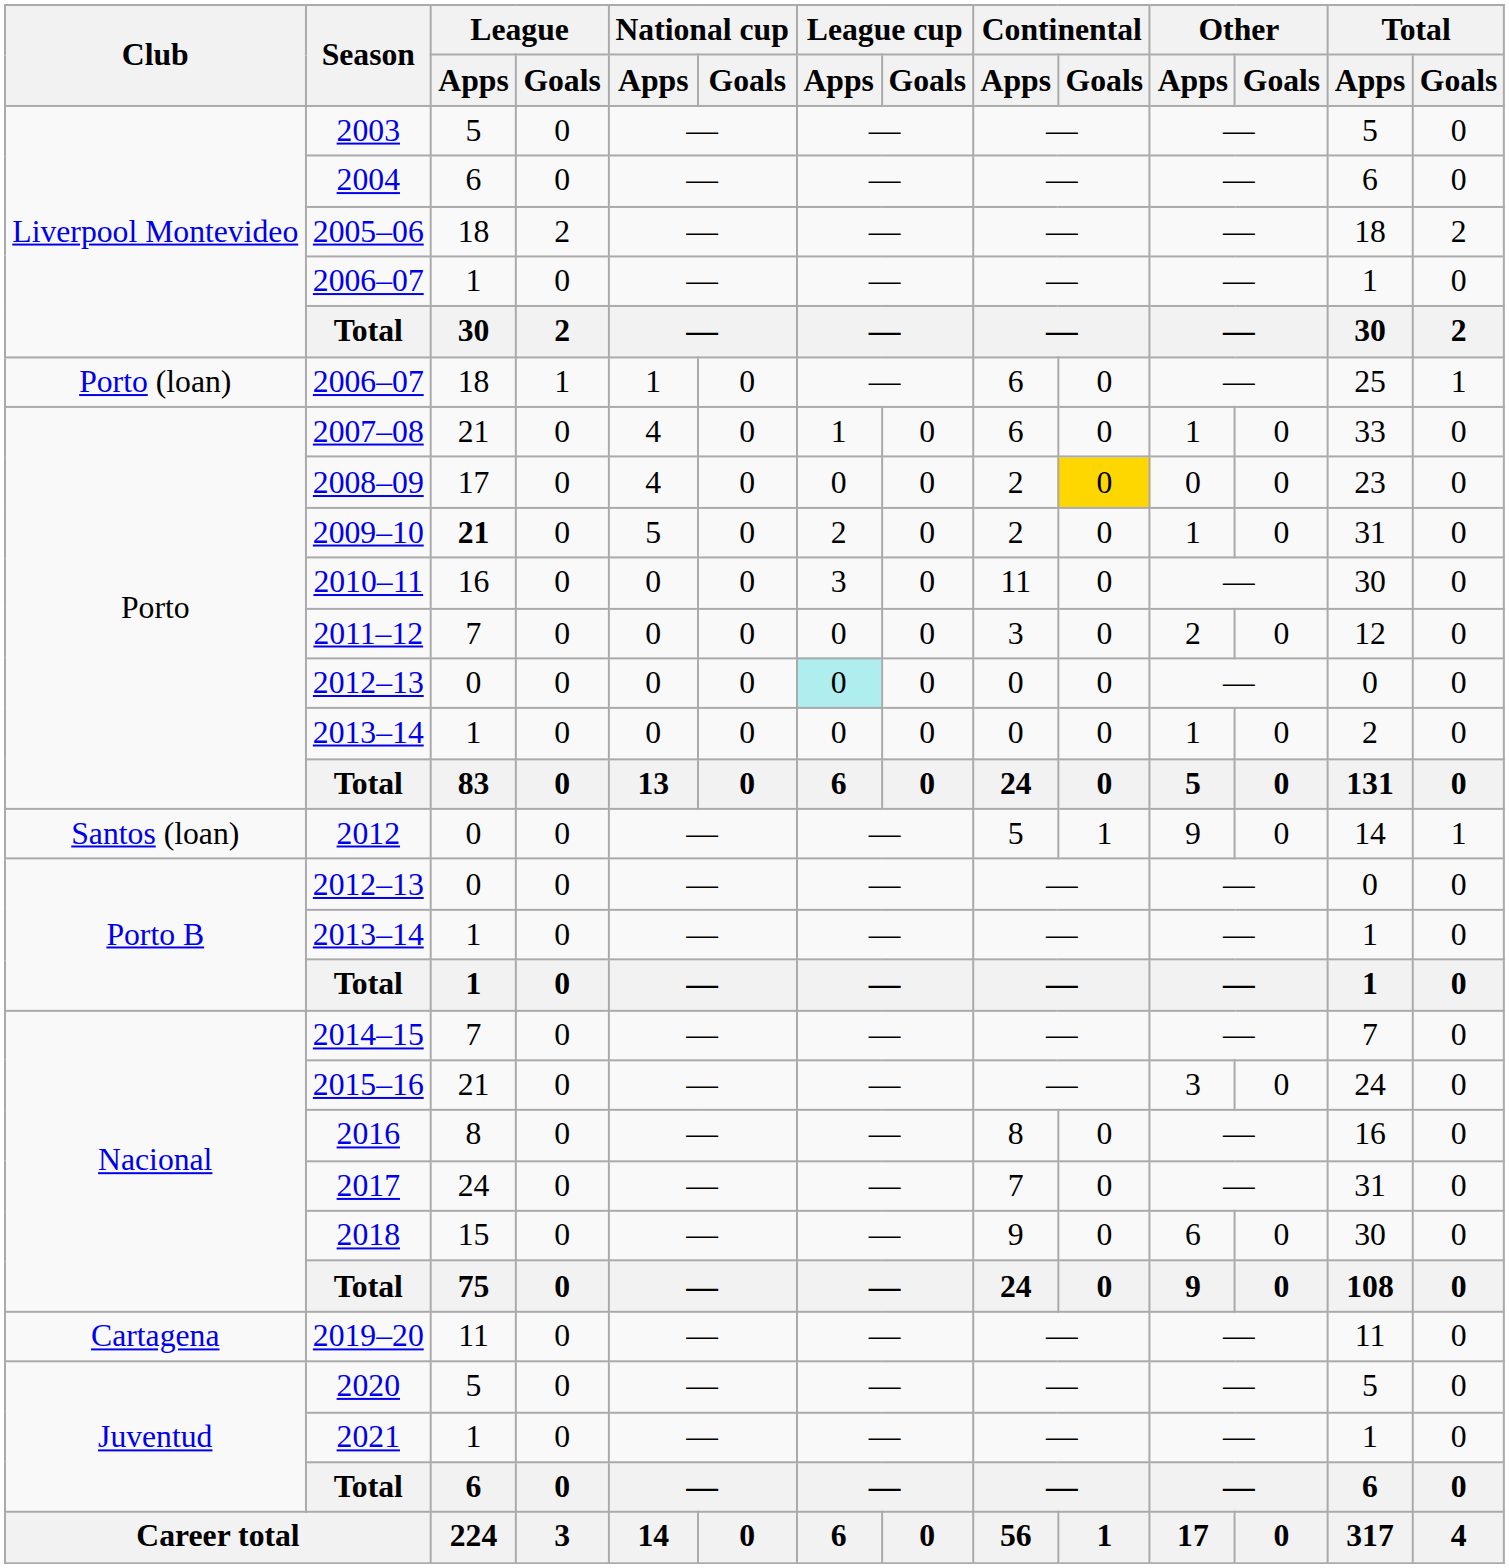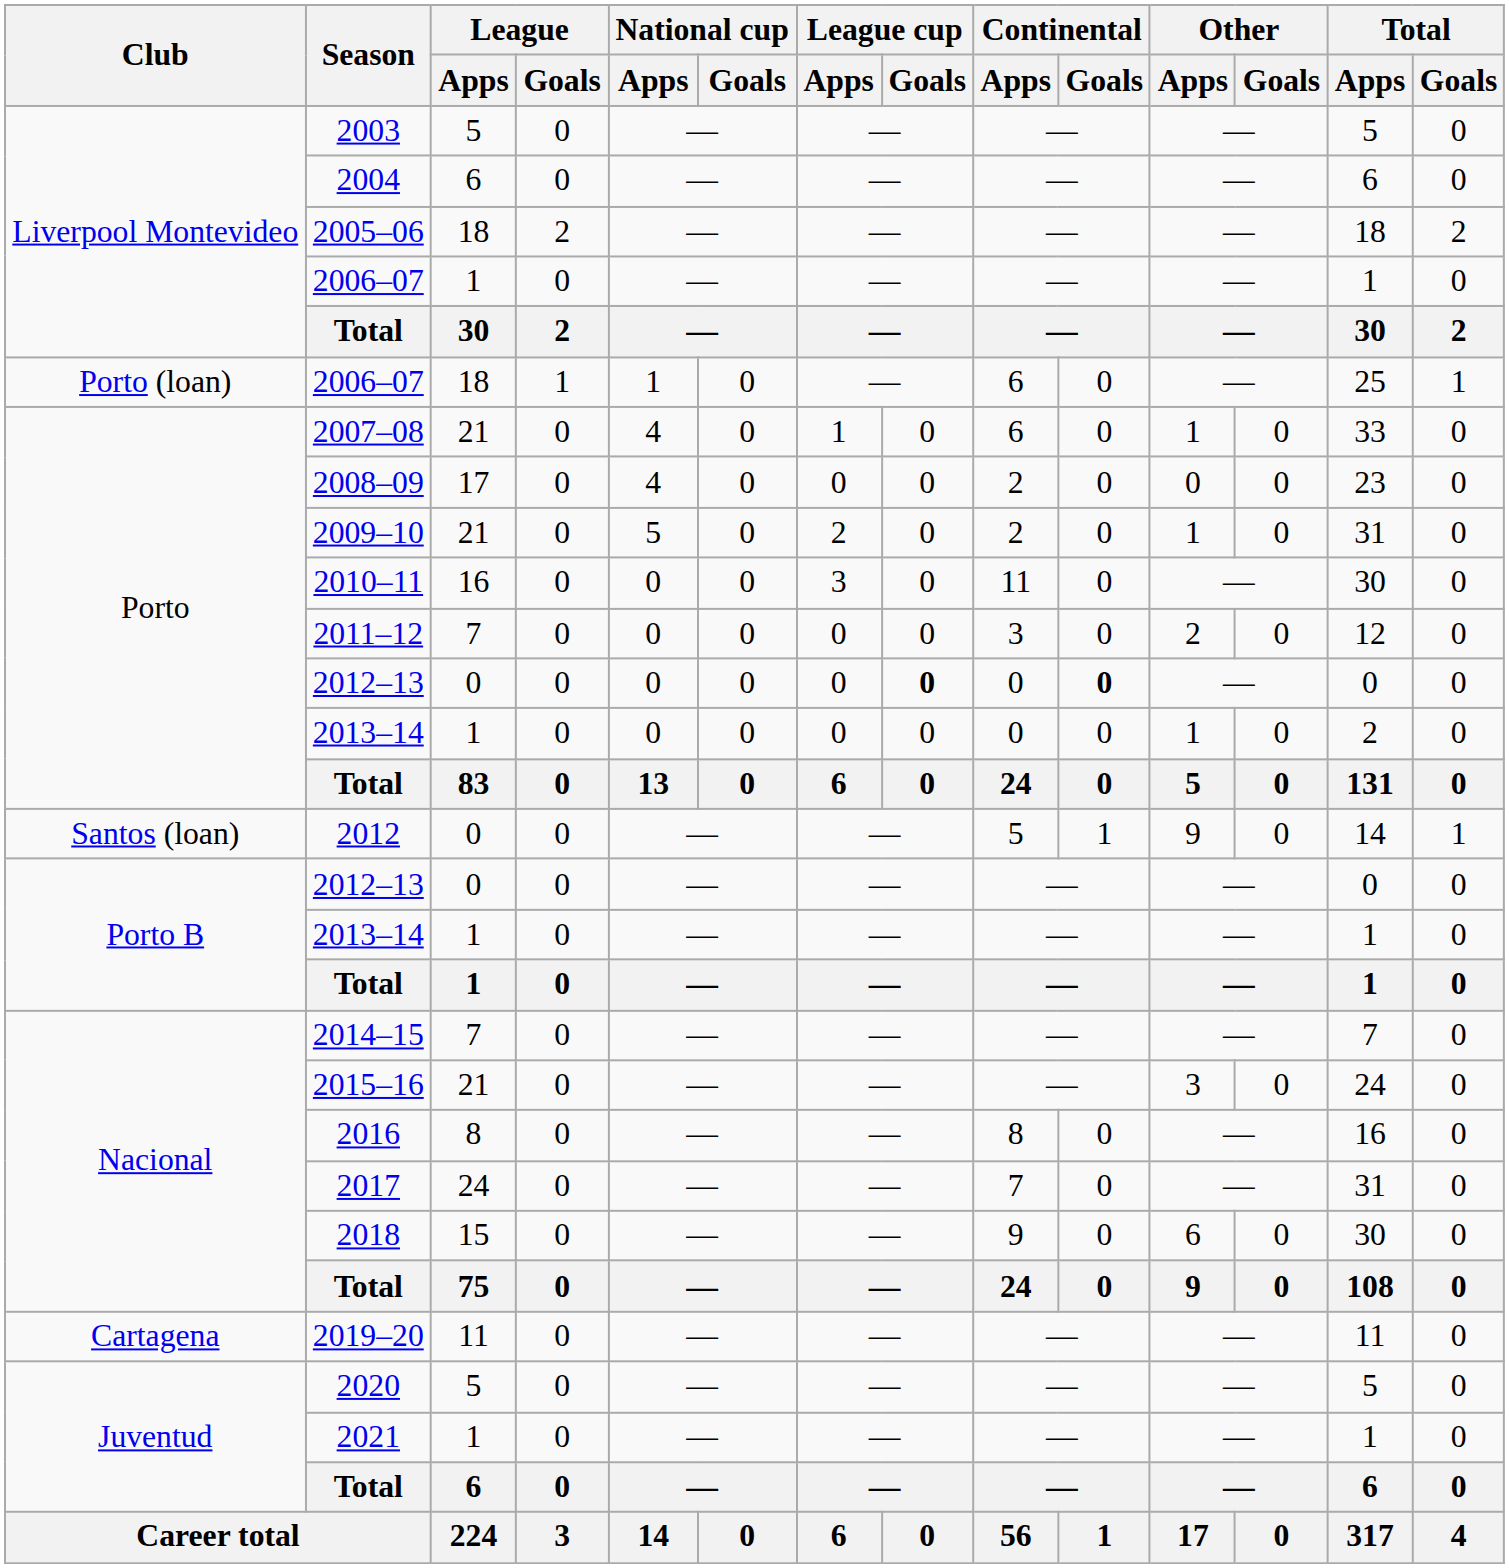 <table class="wikitable" style="text-align:center">
 <tr>
 <th rowspan="2">Club</th>
 <th rowspan="2">Season</th>
 <th colspan="2">League</th>
 <th colspan="2">National cup</th>
 <th colspan="2">League cup</th>
 <th colspan="2">Continental</th>
 <th colspan="2">Other</th>
 <th colspan="2">Total</th>
 </tr>
 <tr>
 <th>Apps</th>
 <th>Goals</th>
 <th>Apps</th>
 <th>Goals</th>
 <th>Apps</th>
 <th>Goals</th>
 <th>Apps</th>
 <th>Goals</th>
 <th>Apps</th>
 <th>Goals</th>
 <th>Apps</th>
 <th>Goals</th>
 </tr>
 <tr>
 <td rowspan="5"><a href='#'>Liverpool Montevideo</a></td>
 <td><a href='#'>2003</a></td>
 <td>5</td>
 <td>0</td>
 <td colspan="2">—</td>
 <td colspan="2">—</td>
 <td colspan="2">—</td>
 <td colspan="2">—</td>
 <td>5</td>
 <td>0</td>
 </tr>
 <tr>
 <td><a href='#'>2004</a></td>
 <td>6</td>
 <td>0</td>
 <td colspan="2">—</td>
 <td colspan="2">—</td>
 <td colspan="2">—</td>
 <td colspan="2">—</td>
 <td>6</td>
 <td>0</td>
 </tr>
 <tr>
 <td><a href='#'>2005–06</a></td>
 <td>18</td>
 <td>2</td>
 <td colspan="2">—</td>
 <td colspan="2">—</td>
 <td colspan="2">—</td>
 <td colspan="2">—</td>
 <td>18</td>
 <td>2</td>
 </tr>
 <tr>
 <td><a href='#'>2006–07</a></td>
 <td>1</td>
 <td>0</td>
 <td colspan="2">—</td>
 <td colspan="2">—</td>
 <td colspan="2">—</td>
 <td colspan="2">—</td>
 <td>1</td>
 <td>0</td>
 </tr>
 <tr>
 <th>Total</th>
 <th>30</th>
 <th>2</th>
 <th colspan="2">—</th>
 <th colspan="2">—</th>
 <th colspan="2">—</th>
 <th colspan="2">—</th>
 <th>30</th>
 <th>2</th>
 </tr>
 <tr>
 <td><a href='#'>Porto</a> (loan)</td>
 <td><a href='#'>2006–07</a></td>
 <td>18</td>
 <td>1</td>
 <td>1</td>
 <td>0</td>
 <td colspan="2">—</td>
 <td>6</td>
 <td>0</td>
 <td colspan="2">—</td>
 <td>25</td>
 <td>1</td>
 </tr>
 <tr>
 <td rowspan="8">Porto</td>
 <td><a href='#'>2007–08</a></td>
 <td>21</td>
 <td>0</td>
 <td>4</td>
 <td>0</td>
 <td>1</td>
 <td>0</td>
 <td>6</td>
 <td>0</td>
 <td>1</td>
 <td>0</td>
 <td>33</td>
 <td>0</td>
 </tr>
 <tr>
 <td><a href='#'>2008–09</a></td>
 <td>17</td>
 <td>0</td>
 <td>4</td>
 <td>0</td>
 <td>0</td>
 <td>0</td>
 <td>2</td>
-<td style="background: gold;">0</td>
+<td>0</td>
 <td>0</td>
 <td>0</td>
 <td>23</td>
 <td>0</td>
 </tr>
 <tr>
 <td><a href='#'>2009–10</a></td>
-<td><strong>21</strong></td>
+<td>21</td>
 <td>0</td>
 <td>5</td>
 <td>0</td>
 <td>2</td>
 <td>0</td>
 <td>2</td>
 <td>0</td>
 <td>1</td>
 <td>0</td>
 <td>31</td>
 <td>0</td>
 </tr>
 <tr>
 <td><a href='#'>2010–11</a></td>
 <td>16</td>
 <td>0</td>
 <td>0</td>
 <td>0</td>
 <td>3</td>
 <td>0</td>
 <td>11</td>
 <td>0</td>
 <td colspan="2">—</td>
 <td>30</td>
 <td>0</td>
 </tr>
 <tr>
 <td><a href='#'>2011–12</a></td>
 <td>7</td>
 <td>0</td>
 <td>0</td>
 <td>0</td>
 <td>0</td>
 <td>0</td>
 <td>3</td>
 <td>0</td>
 <td>2</td>
 <td>0</td>
 <td>12</td>
 <td>0</td>
 </tr>
 <tr>
 <td><a href='#'>2012–13</a></td>
 <td>0</td>
 <td>0</td>
 <td>0</td>
 <td>0</td>
-<td style="background: paleturquoise;">0</td>
 <td>0</td>
+<td><strong>0</strong></td>
 <td>0</td>
-<td>0</td>
+<td><strong>0</strong></td>
 <td colspan="2">—</td>
 <td>0</td>
 <td>0</td>
 </tr>
 <tr>
 <td><a href='#'>2013–14</a></td>
 <td>1</td>
 <td>0</td>
 <td>0</td>
 <td>0</td>
 <td>0</td>
 <td>0</td>
 <td>0</td>
 <td>0</td>
 <td>1</td>
 <td>0</td>
 <td>2</td>
 <td>0</td>
 </tr>
 <tr>
 <th>Total</th>
 <th>83</th>
 <th>0</th>
 <th>13</th>
 <th>0</th>
 <th>6</th>
 <th>0</th>
 <th>24</th>
 <th>0</th>
 <th>5</th>
 <th>0</th>
 <th>131</th>
 <th>0</th>
 </tr>
 <tr>
 <td><a href='#'>Santos</a> (loan)</td>
 <td><a href='#'>2012</a></td>
 <td>0</td>
 <td>0</td>
 <td colspan="2">—</td>
 <td colspan="2">—</td>
 <td>5</td>
 <td>1</td>
 <td>9</td>
 <td>0</td>
 <td>14</td>
 <td>1</td>
 </tr>
 <tr>
 <td rowspan="3"><a href='#'>Porto B</a></td>
 <td><a href='#'>2012–13</a></td>
 <td>0</td>
 <td>0</td>
 <td colspan="2">—</td>
 <td colspan="2">—</td>
 <td colspan="2">—</td>
 <td colspan="2">—</td>
 <td>0</td>
 <td>0</td>
 </tr>
 <tr>
 <td><a href='#'>2013–14</a></td>
 <td>1</td>
 <td>0</td>
 <td colspan="2">—</td>
 <td colspan="2">—</td>
 <td colspan="2">—</td>
 <td colspan="2">—</td>
 <td>1</td>
 <td>0</td>
 </tr>
 <tr>
 <th>Total</th>
 <th>1</th>
 <th>0</th>
 <th colspan="2">—</th>
 <th colspan="2">—</th>
 <th colspan="2">—</th>
 <th colspan="2">—</th>
 <th>1</th>
 <th>0</th>
 </tr>
 <tr>
 <td rowspan="6"><a href='#'>Nacional</a></td>
 <td><a href='#'>2014–15</a></td>
 <td>7</td>
 <td>0</td>
 <td colspan="2">—</td>
 <td colspan="2">—</td>
 <td colspan="2">—</td>
 <td colspan="2">—</td>
 <td>7</td>
 <td>0</td>
 </tr>
 <tr>
 <td><a href='#'>2015–16</a></td>
 <td>21</td>
 <td>0</td>
 <td colspan="2">—</td>
 <td colspan="2">—</td>
 <td colspan="2">—</td>
 <td>3</td>
 <td>0</td>
 <td>24</td>
 <td>0</td>
 </tr>
 <tr>
 <td><a href='#'>2016</a></td>
 <td>8</td>
 <td>0</td>
 <td colspan="2">—</td>
 <td colspan="2">—</td>
 <td>8</td>
 <td>0</td>
 <td colspan="2">—</td>
 <td>16</td>
 <td>0</td>
 </tr>
 <tr>
 <td><a href='#'>2017</a></td>
 <td>24</td>
 <td>0</td>
 <td colspan="2">—</td>
 <td colspan="2">—</td>
 <td>7</td>
 <td>0</td>
 <td colspan="2">—</td>
 <td>31</td>
 <td>0</td>
 </tr>
 <tr>
 <td><a href='#'>2018</a></td>
 <td>15</td>
 <td>0</td>
 <td colspan="2">—</td>
 <td colspan="2">—</td>
 <td>9</td>
 <td>0</td>
 <td>6</td>
 <td>0</td>
 <td>30</td>
 <td>0</td>
 </tr>
 <tr>
 <th>Total</th>
 <th>75</th>
 <th>0</th>
 <th colspan="2">—</th>
 <th colspan="2">—</th>
 <th>24</th>
 <th>0</th>
 <th>9</th>
 <th>0</th>
 <th>108</th>
 <th>0</th>
 </tr>
 <tr>
 <td><a href='#'>Cartagena</a></td>
 <td><a href='#'>2019–20</a></td>
 <td>11</td>
 <td>0</td>
 <td colspan="2">—</td>
 <td colspan="2">—</td>
 <td colspan="2">—</td>
 <td colspan="2">—</td>
 <td>11</td>
 <td>0</td>
 </tr>
 <tr>
 <td rowspan="3"><a href='#'>Juventud</a></td>
 <td><a href='#'>2020</a></td>
 <td>5</td>
 <td>0</td>
 <td colspan="2">—</td>
 <td colspan="2">—</td>
 <td colspan="2">—</td>
 <td colspan="2">—</td>
 <td>5</td>
 <td>0</td>
 </tr>
 <tr>
 <td><a href='#'>2021</a></td>
 <td>1</td>
 <td>0</td>
 <td colspan="2">—</td>
 <td colspan="2">—</td>
 <td colspan="2">—</td>
 <td colspan="2">—</td>
 <td>1</td>
 <td>0</td>
 </tr>
 <tr>
 <th>Total</th>
 <th>6</th>
 <th>0</th>
 <th colspan="2">—</th>
 <th colspan="2">—</th>
 <th colspan="2">—</th>
 <th colspan="2">—</th>
 <th>6</th>
 <th>0</th>
 </tr>
 <tr>
 <th colspan="2">Career total</th>
 <th>224</th>
 <th>3</th>
 <th>14</th>
 <th>0</th>
 <th>6</th>
 <th>0</th>
 <th>56</th>
 <th>1</th>
 <th>17</th>
 <th>0</th>
 <th>317</th>
 <th>4</th>
 </tr>
 </table>
